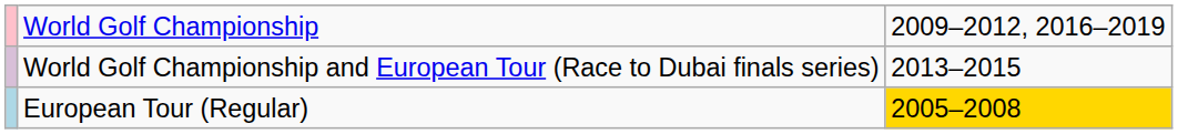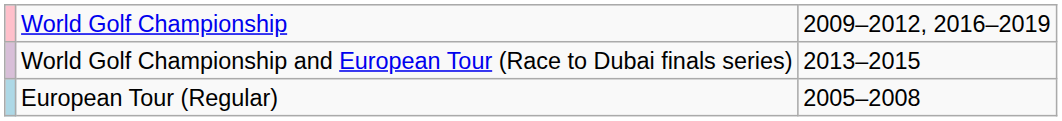 <table class="wikitable" style="font-size:95%">
 <tr>
 <td style="background:pink"></td>
 <td><a href='#'>World Golf Championship</a></td>
 <td>2009–2012, 2016–2019</td>
 </tr>
 <tr>
 <td style="background:thistle"></td>
 <td>World Golf Championship and <a href='#'>European Tour</a> (Race to Dubai finals series)</td>
 <td>2013–2015</td>
 </tr>
 <tr>
 <td style="background:lightblue"></td>
 <td>European Tour (Regular)</td>
-<td style="background: gold;">2005–2008</td>
+<td>2005–2008</td>
 </tr>
 </table>
